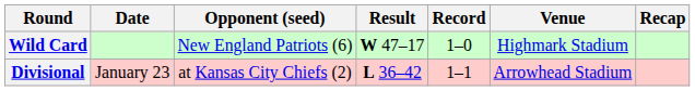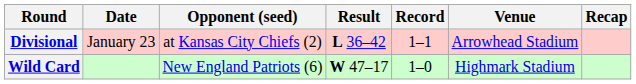 <table class="wikitable" style="text-align:center">
 <tr>
 <th>Round</th>
 <th>Date</th>
 <th>Opponent (seed)</th>
 <th>Result</th>
 <th>Record</th>
 <th>Venue</th>
 <th>Recap</th>
 </tr>
+<tr style="background:#fcc">
+<th><a href='#'>Divisional</a></th>
+<td>January 23</td>
+<td>at <a href='#'>Kansas City Chiefs</a> (2)</td>
+<td><strong>L</strong> <a href='#'>36–42 </a></td>
+<td>1–1</td>
+<td><a href='#'>Arrowhead Stadium</a></td>
+<td></td>
+</tr>
 <tr style="background:#cfc">
 <th><a href='#'>Wild Card</a></th>
 <td></td>
 <td><a href='#'>New England Patriots</a> (6)</td>
 <td><strong>W</strong> 47–17</td>
 <td>1–0</td>
 <td><a href='#'>Highmark Stadium</a></td>
 <td></td>
 </tr>
-<tr style="background:#fcc">
-<th><a href='#'>Divisional</a></th>
-<td>January 23</td>
-<td>at <a href='#'>Kansas City Chiefs</a> (2)</td>
-<td><strong>L</strong> <a href='#'>36–42 </a></td>
-<td>1–1</td>
-<td><a href='#'>Arrowhead Stadium</a></td>
-<td></td>
-</tr>
 </table>
